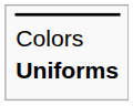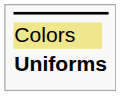 <table class="infobox">
 <tr>
 <th colspan=2 style="background:#000000; color:#FFFFFF; "><big></big></th>
 </tr>
 <tr>
 <td align=center colspan=2></td>
 </tr>
 <tr>
-<td>Colors</td>
+<td style="background: khaki;">Colors</td>
 <td>   </td>
 </tr>
 <tr>
 <th colspan=2>Uniforms</th>
 </tr>
 <tr>
 <td></td>
 <td></td>
 </tr>
 </table>
